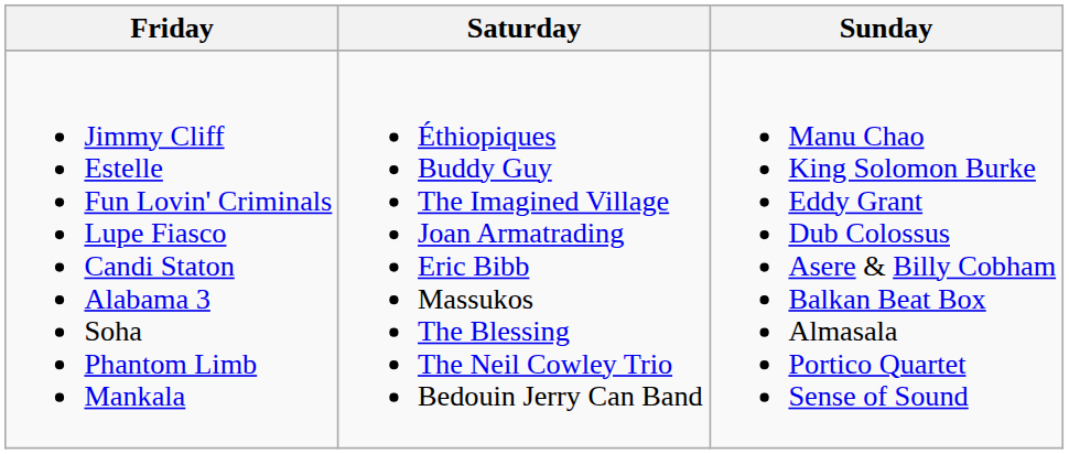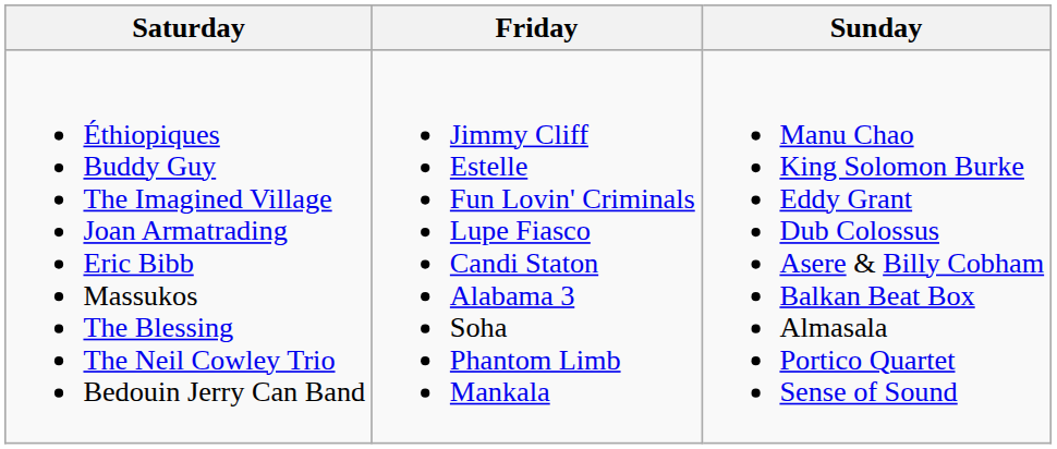 <table class="wikitable">
 <tr>
+<th>Saturday</th>
 <th>Friday</th>
-<th>Saturday</th>
 <th>Sunday</th>
 </tr>
 <tr valign="top">
+<td><br><ul><li><a href='#'>Éthiopiques</a></li><li><a href='#'>Buddy Guy</a></li><li><a href='#'>The Imagined Village</a></li><li><a href='#'>Joan Armatrading</a></li><li><a href='#'>Eric Bibb</a></li><li>Massukos</li><li><a href='#'>The Blessing</a></li><li><a href='#'>The Neil Cowley Trio</a></li><li>Bedouin Jerry Can Band</li></ul></td>
 <td><br><ul><li><a href='#'>Jimmy Cliff</a></li><li><a href='#'>Estelle</a></li><li><a href='#'>Fun Lovin' Criminals</a></li><li><a href='#'>Lupe Fiasco</a></li><li><a href='#'>Candi Staton</a></li><li><a href='#'>Alabama 3</a></li><li>Soha</li><li><a href='#'>Phantom Limb</a></li><li><a href='#'>Mankala</a></li></ul></td>
-<td><br><ul><li><a href='#'>Éthiopiques</a></li><li><a href='#'>Buddy Guy</a></li><li><a href='#'>The Imagined Village</a></li><li><a href='#'>Joan Armatrading</a></li><li><a href='#'>Eric Bibb</a></li><li>Massukos</li><li><a href='#'>The Blessing</a></li><li><a href='#'>The Neil Cowley Trio</a></li><li>Bedouin Jerry Can Band</li></ul></td>
 <td><br><ul><li><a href='#'>Manu Chao</a></li><li><a href='#'>King Solomon Burke</a></li><li><a href='#'>Eddy Grant</a></li><li><a href='#'>Dub Colossus</a></li><li><a href='#'>Asere</a> & <a href='#'>Billy Cobham</a></li><li><a href='#'>Balkan Beat Box</a></li><li>Almasala</li><li><a href='#'>Portico Quartet</a></li><li><a href='#'>Sense of Sound</a></li></ul></td>
 </tr>
 </table>
